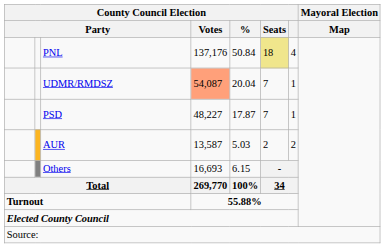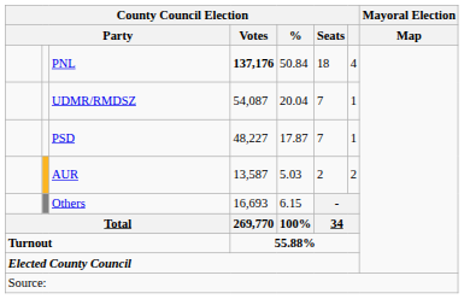 <table class="wikitable" style="text-align:left">
 <tr>
 <th colspan="7">County Council Election</th>
 <th>Mayoral Election</th>
 </tr>
 <tr>
 <th colspan="3" width="280">Party</th>
 <th>Votes</th>
 <th>%</th>
 <th>Seats</th>
 <th></th>
 <th>Map</th>
 </tr>
 <tr>
 <td width="40" height="40"></td>
 <td width="1" style="color:inherit;background:"></td>
 <td align="left"><a href='#'>PNL</a></td>
-<td>137,176</td>
+<td><strong>137,176</strong></td>
 <td>50.84</td>
-<td style="background: khaki;">18</td>
+<td>18</td>
 <td>4</td>
 <td rowspan="8"></td>
 </tr>
 <tr>
 <td height="40"></td>
 <td style="color:inherit;background:"></td>
 <td align="left"><a href='#'>UDMR/RMDSZ</a></td>
-<td style="background: lightsalmon;">54,087</td>
+<td>54,087</td>
 <td>20.04</td>
 <td>7</td>
 <td>1</td>
 </tr>
 <tr>
 <td height="40"></td>
 <td style="color:inherit;background:"></td>
 <td align="left"><a href='#'>PSD</a></td>
 <td>48,227</td>
 <td>17.87</td>
 <td>7</td>
 <td>1</td>
 </tr>
 <tr>
 <td height="40"></td>
 <td style="background:#FCB521;"></td>
 <td align="left"><a href='#'>AUR</a></td>
 <td>13,587</td>
 <td>5.03</td>
 <td>2</td>
 <td>2</td>
 </tr>
 <tr>
 <td></td>
 <td style="background-color:Grey "></td>
 <td align="left"><a href='#'>Others</a></td>
 <td>16,693</td>
 <td>6.15</td>
 <th colspan="2">-</th>
 </tr>
 <tr>
 <th colspan="3"><strong><u>Total</u></strong></th>
 <th style="text-align:left">269,770</th>
 <th style="text-align:left">100%</th>
 <th colspan="2"><strong><u>34</u></strong></th>
 </tr>
 <tr>
 <td colspan="3"><strong>Turnout</strong></td>
 <td colspan="4" style="text-align: center"><strong>55.88%</strong></td>
 </tr>
 <tr>
 <td colspan="7"><strong><em>Elected County Council</em></strong></td>
 </tr>
 <tr>
 <td colspan="8">Source: </td>
 </tr>
 </table>
